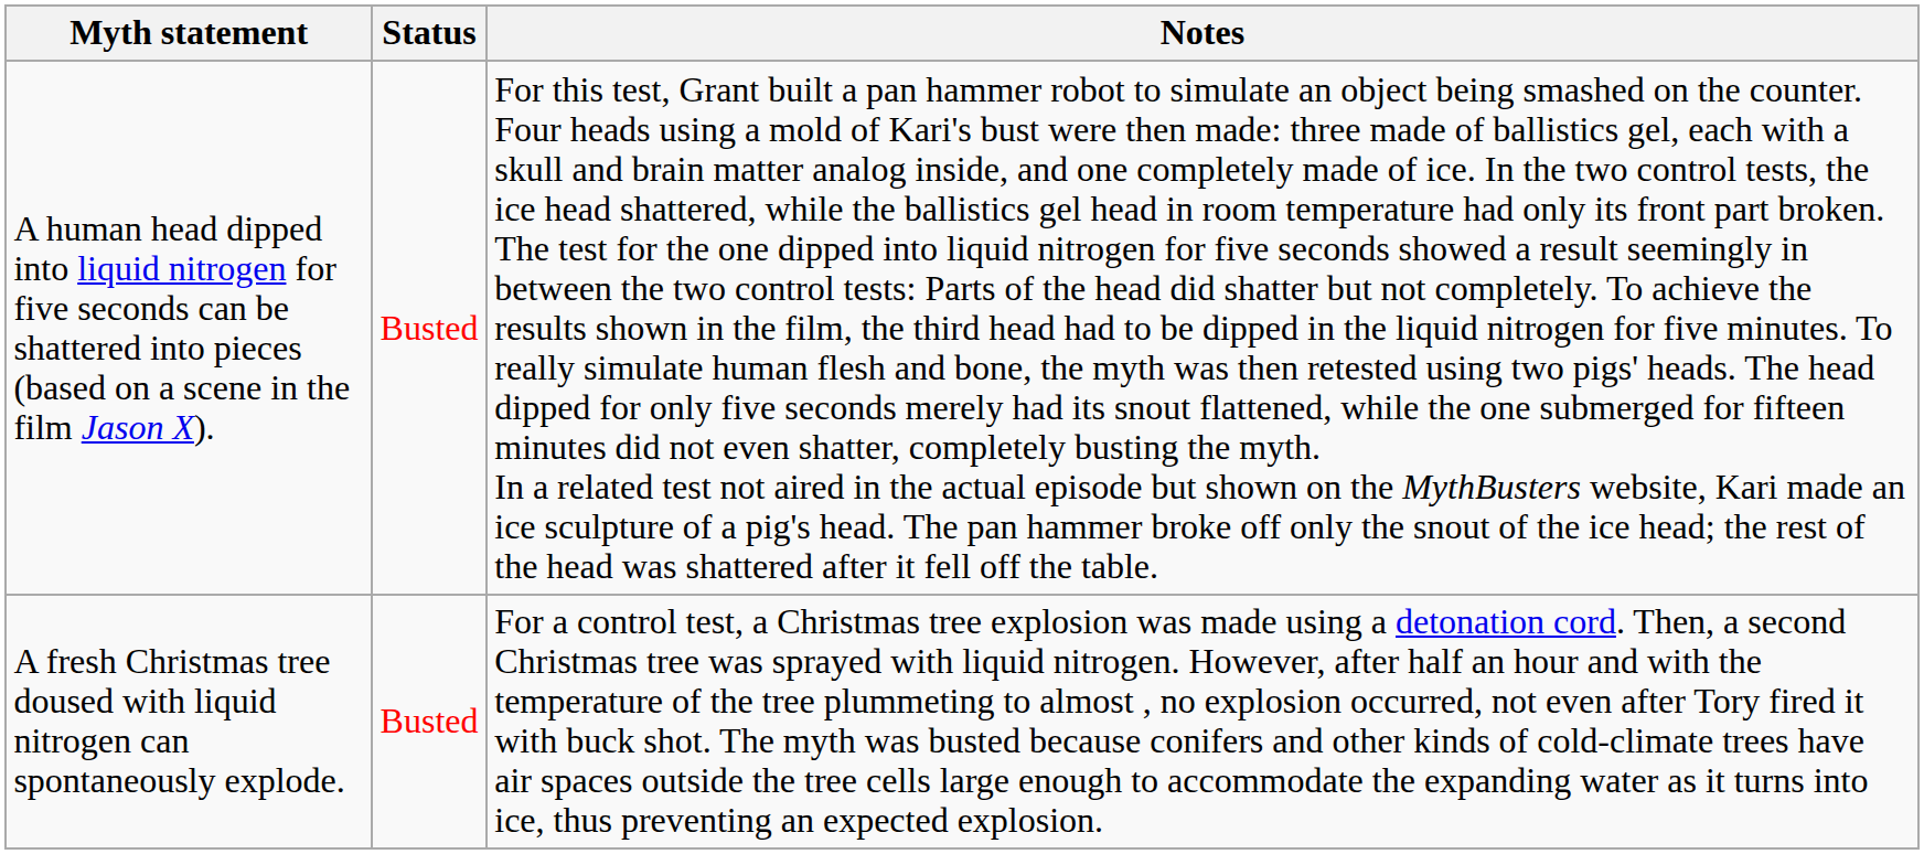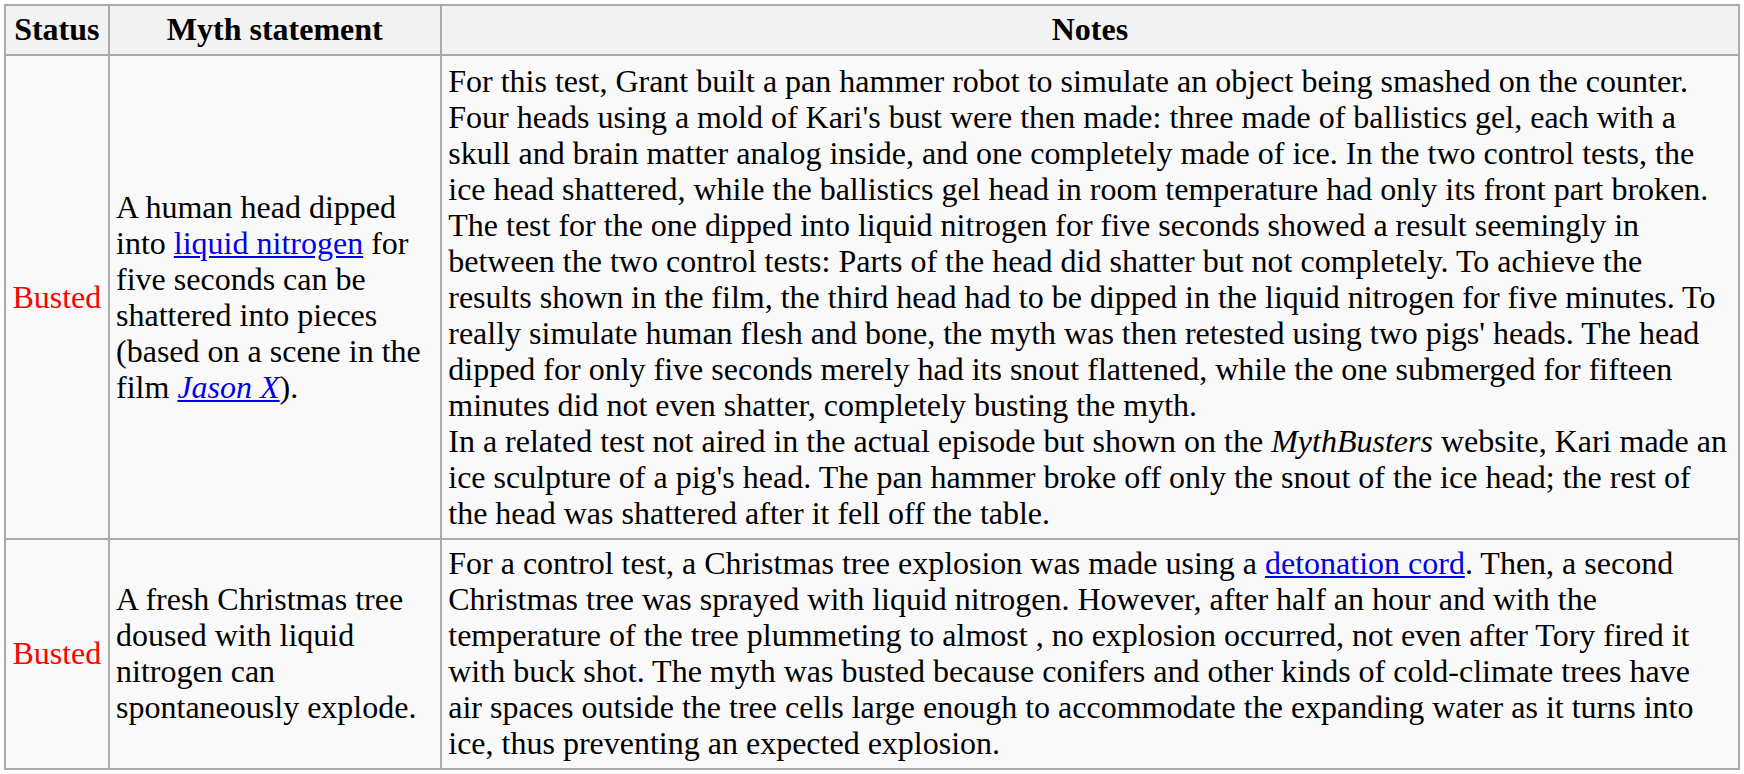 <table class="wikitable plainrowheaders">
 <tr>
+<th>Status</th>
 <th>Myth statement</th>
-<th>Status</th>
 <th>Notes</th>
 </tr>
 <tr>
+<td style="color:Red">Busted</td>
 <td>A human head dipped into <a href='#'>liquid nitrogen</a> for five seconds can be shattered into pieces (based on a scene in the film <em><a href='#'>Jason X</a></em>).</td>
-<td style="color:Red">Busted</td>
 <td>For this test, Grant built a pan hammer robot to simulate an object being smashed on the counter. Four heads using a mold of Kari's bust were then made: three made of ballistics gel, each with a skull and brain matter analog inside, and one completely made of ice. In the two control tests, the ice head shattered, while the ballistics gel head in room temperature had only its front part broken. The test for the one dipped into liquid nitrogen for five seconds showed a result seemingly in between the two control tests: Parts of the head did shatter but not completely. To achieve the results shown in the film, the third head had to be dipped in the liquid nitrogen for five minutes. To really simulate human flesh and bone, the myth was then retested using two pigs' heads. The head dipped for only five seconds merely had its snout flattened, while the one submerged for fifteen minutes did not even shatter, completely busting the myth.<br>In a related test not aired in the actual episode but shown on the <em>MythBusters</em> website, Kari made an ice sculpture of a pig's head. The pan hammer broke off only the snout of the ice head; the rest of the head was shattered after it fell off the table.</td>
 </tr>
 <tr>
+<td style="color:Red">Busted</td>
 <td>A fresh Christmas tree doused with liquid nitrogen can spontaneously explode.</td>
-<td style="color:Red">Busted</td>
 <td>For a control test, a Christmas tree explosion was made using a <a href='#'>detonation cord</a>. Then, a second Christmas tree was sprayed with liquid nitrogen. However, after half an hour and with the temperature of the tree plummeting to almost , no explosion occurred, not even after Tory fired it with buck shot. The myth was busted because conifers and other kinds of cold-climate trees have air spaces outside the tree cells large enough to accommodate the expanding water as it turns into ice, thus preventing an expected explosion.</td>
 </tr>
 </table>
